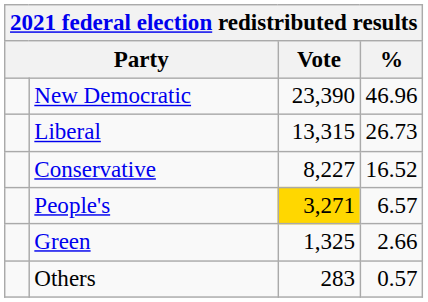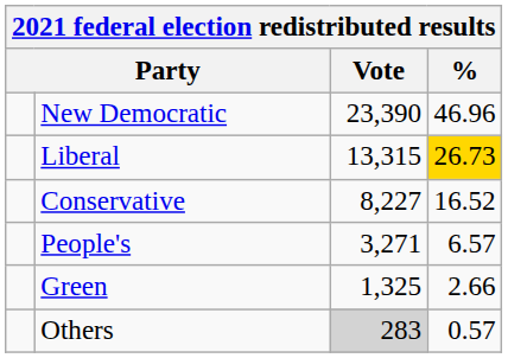 <table class="wikitable">
 <tr>
 <th colspan="4"><a href='#'>2021 federal election</a> redistributed results</th>
 </tr>
 <tr>
 <th bgcolor="#DDDDFF" width="130px" colspan="2">Party</th>
 <th bgcolor="#DDDDFF" width="50px">Vote</th>
 <th bgcolor="#DDDDFF" width="30px">%</th>
 </tr>
 <tr>
 <td> </td>
 <td><a href='#'>New Democratic</a></td>
 <td align=right>23,390</td>
 <td align=right>46.96</td>
 </tr>
 <tr>
 <td> </td>
 <td><a href='#'>Liberal</a></td>
 <td align=right>13,315</td>
-<td align=right>26.73</td>
+<td align=right style="background: gold;">26.73</td>
 </tr>
 <tr>
 <td> </td>
 <td><a href='#'>Conservative</a></td>
 <td align=right>8,227</td>
 <td align=right>16.52</td>
 </tr>
 <tr>
 <td> </td>
 <td><a href='#'>People's</a></td>
-<td align=right style="background: gold;">3,271</td>
+<td align=right>3,271</td>
 <td align=right>6.57</td>
 </tr>
 <tr>
 <td> </td>
 <td><a href='#'>Green</a></td>
 <td align=right>1,325</td>
 <td align=right>2.66</td>
 </tr>
 <tr>
 <td> </td>
 <td>Others</td>
-<td align=right>283</td>
+<td align=right style="background: lightgrey;">283</td>
 <td align=right>0.57</td>
 </tr>
 </table>
